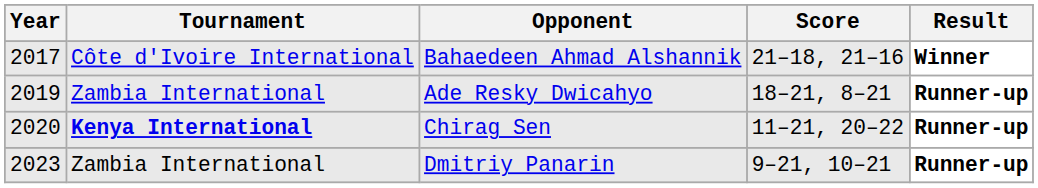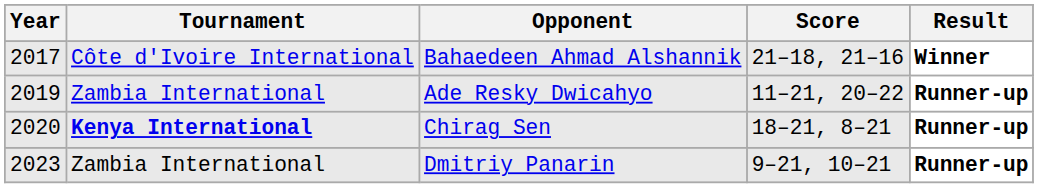 <table class="sortable wikitable" style="font-size: 90%;">
 <tr>
 <th>Year</th>
 <th>Tournament</th>
 <th>Opponent</th>
 <th>Score</th>
 <th>Result</th>
 </tr>
 <tr style="background:#E9E9E9">
 <td align="center">2017</td>
 <td align="left"><a href='#'>Côte d'Ivoire International</a></td>
 <td align="left"> <a href='#'>Bahaedeen Ahmad Alshannik</a></td>
 <td align="left">21–18, 21–16</td>
 <td style="text-align:left; background:white"> <strong>Winner</strong></td>
 </tr>
 <tr style="background:#E9E9E9">
 <td align="center">2019</td>
 <td align="left"><a href='#'>Zambia International</a></td>
 <td align="left"> <a href='#'>Ade Resky Dwicahyo</a></td>
-<td align="left">18–21, 8–21</td>
+<td align="left">11–21, 20–22</td>
 <td style="text-align:left; background:white"> <strong>Runner-up</strong></td>
 </tr>
 <tr style="background:#E9E9E9">
 <td align="center">2020</td>
 <td align="left"><strong><a href='#'>Kenya International</a></strong></td>
 <td align="left"> <a href='#'>Chirag Sen</a></td>
-<td align="left">11–21, 20–22</td>
+<td align="left">18–21, 8–21</td>
 <td style="text-align:left; background:white"> <strong>Runner-up</strong></td>
 </tr>
 <tr style="background:#E9E9E9">
 <td align="center">2023</td>
 <td align="left">Zambia International</td>
 <td align="left"> <a href='#'>Dmitriy Panarin</a></td>
 <td align="left">9–21, 10–21</td>
 <td style="text-align:left; background:white"> <strong>Runner-up</strong></td>
 </tr>
 </table>
